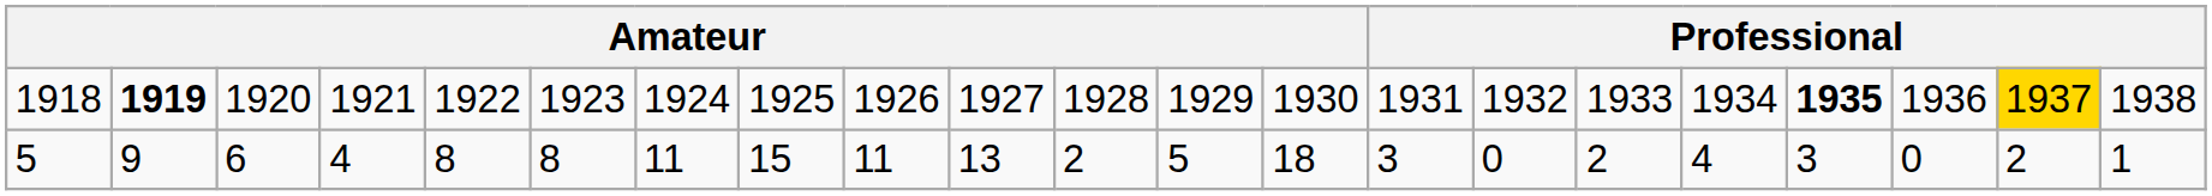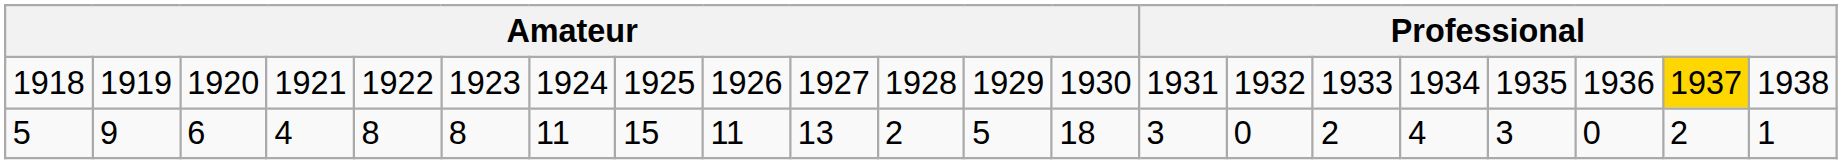 <table class="wikitable" style="font-size:90%;">
 <tr>
 <th colspan="13">Amateur</th>
 <th colspan="9">Professional</th>
 </tr>
 <tr>
 <td>1918</td>
-<td><strong>1919</strong></td>
+<td>1919</td>
 <td>1920</td>
 <td>1921</td>
 <td>1922</td>
 <td>1923</td>
 <td>1924</td>
 <td>1925</td>
 <td>1926</td>
 <td>1927</td>
 <td>1928</td>
 <td>1929</td>
 <td>1930</td>
 <td>1931</td>
 <td>1932</td>
 <td>1933</td>
 <td>1934</td>
-<td><strong>1935</strong></td>
+<td>1935</td>
 <td>1936</td>
 <td style="background: gold;">1937</td>
 <td>1938</td>
 </tr>
 <tr>
 <td>5</td>
 <td>9</td>
 <td>6</td>
 <td>4</td>
 <td>8</td>
 <td>8</td>
 <td>11</td>
 <td>15</td>
 <td>11</td>
 <td>13</td>
 <td>2</td>
 <td>5</td>
 <td>18</td>
 <td>3</td>
 <td>0</td>
 <td>2</td>
 <td>4</td>
 <td>3</td>
 <td>0</td>
 <td>2</td>
 <td>1</td>
 </tr>
 </table>
